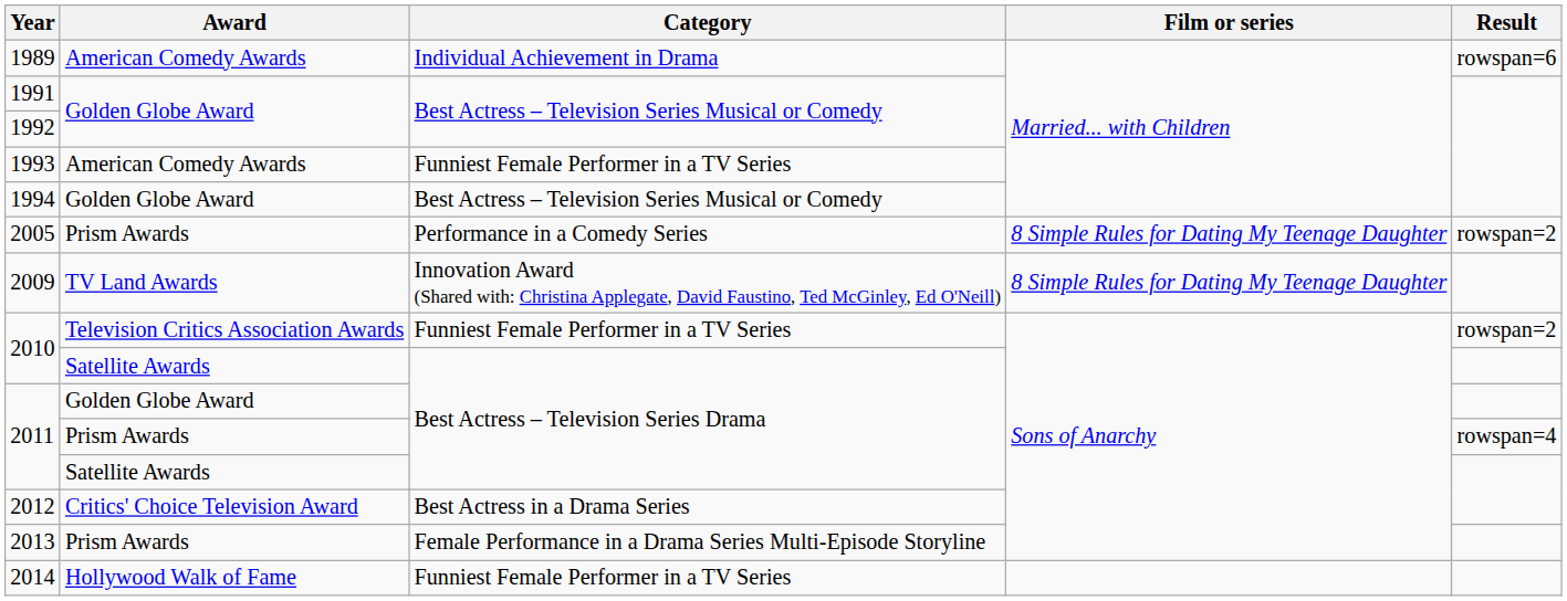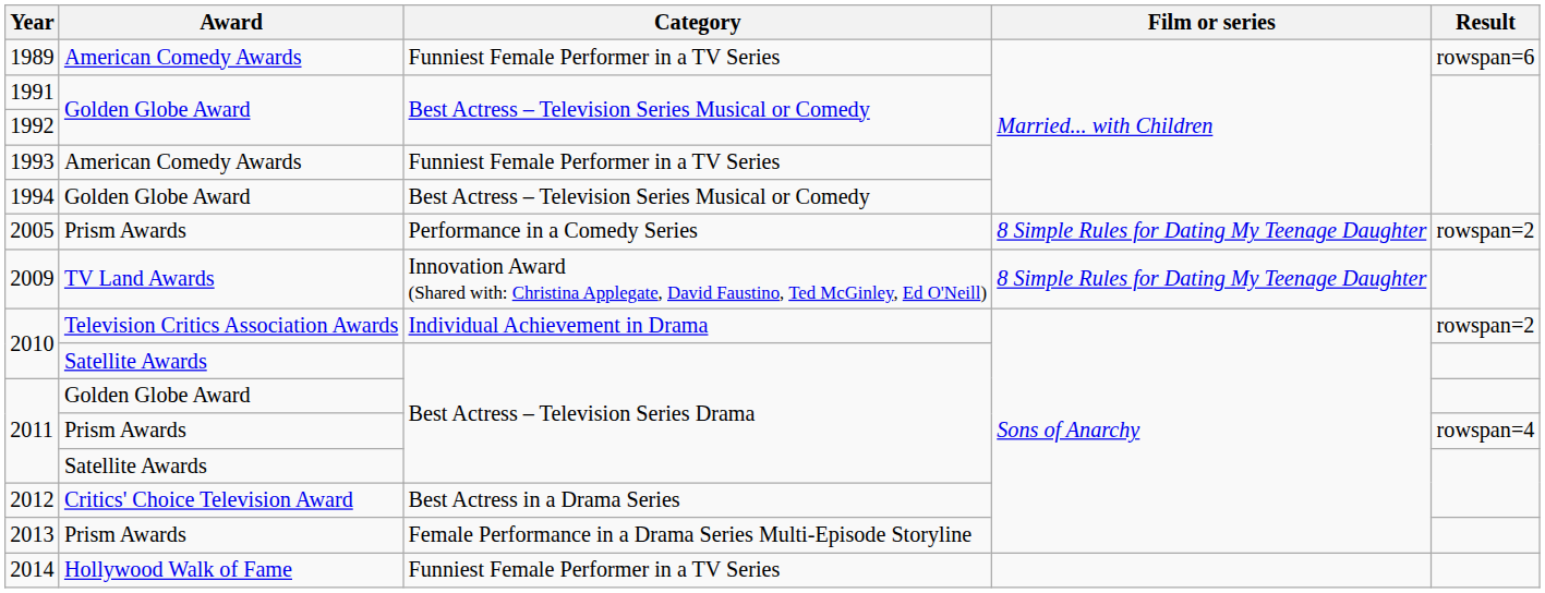 <table class="wikitable">
 <tr style="text-align:center;">
 <th>Year</th>
 <th>Award</th>
 <th>Category</th>
 <th>Film or series</th>
 <th>Result</th>
 </tr>
 <tr>
 <td>1989</td>
 <td><a href='#'>American Comedy Awards</a></td>
-<td><a href='#'>Individual Achievement in Drama</a></td>
+<td>Funniest Female Performer in a TV Series</td>
 <td rowspan=6><em><a href='#'>Married... with Children</a></em></td>
 <td>rowspan=6 </td>
 </tr>
 <tr>
 <td>1991</td>
 <td rowspan=3><a href='#'>Golden Globe Award</a></td>
 <td rowspan=3><a href='#'>Best Actress – Television Series Musical or Comedy</a></td>
 </tr>
 <tr>
 <td>1992</td>
 </tr>
 <tr>
 <td rowspan=2>1993</td>
 </tr>
 <tr>
 <td>American Comedy Awards</td>
 <td>Funniest Female Performer in a TV Series</td>
 </tr>
 <tr>
 <td>1994</td>
 <td>Golden Globe Award</td>
 <td>Best Actress – Television Series Musical or Comedy</td>
 </tr>
 <tr>
 <td>2005</td>
 <td>Prism Awards</td>
 <td>Performance in a Comedy Series</td>
 <td><em><a href='#'>8 Simple Rules for Dating My Teenage Daughter</a></em></td>
 <td>rowspan=2 </td>
 </tr>
 <tr>
 <td>2009</td>
 <td><a href='#'>TV Land Awards</a></td>
 <td>Innovation Award <br> <small>(Shared with: <a href='#'>Christina Applegate</a>, <a href='#'>David Faustino</a>, <a href='#'>Ted McGinley</a>, <a href='#'>Ed O'Neill</a>)</small></td>
 <td><em><a href='#'>8 Simple Rules for Dating My Teenage Daughter</a></em></td>
 </tr>
 <tr>
 <td rowspan=2>2010</td>
 <td><a href='#'>Television Critics Association Awards</a></td>
-<td>Funniest Female Performer in a TV Series</td>
+<td><a href='#'>Individual Achievement in Drama</a></td>
 <td rowspan=8><em><a href='#'>Sons of Anarchy</a></em></td>
 <td>rowspan=2 </td>
 </tr>
 <tr>
 <td><a href='#'>Satellite Awards</a></td>
 <td rowspan=4>Best Actress – Television Series Drama</td>
 </tr>
 <tr>
 <td rowspan=4>2011</td>
 <td>Golden Globe Award</td>
 <td></td>
 </tr>
 <tr>
 <td>Prism Awards</td>
 <td>rowspan=4 </td>
 </tr>
 <tr>
 <td>Satellite Awards</td>
 </tr>
 <tr>
 <td rowspan=2><a href='#'>Critics' Choice Television Award</a></td>
 <td rowspan=2>Best Actress in a Drama Series</td>
 </tr>
 <tr>
 <td>2012</td>
 </tr>
 <tr>
 <td>2013</td>
 <td>Prism Awards</td>
 <td>Female Performance in a Drama Series Multi-Episode Storyline</td>
 <td></td>
 </tr>
 <tr>
 <td>2014</td>
 <td><a href='#'>Hollywood Walk of Fame</a></td>
 <td>Funniest Female Performer in a TV Series</td>
 <td></td>
 <td></td>
 </tr>
 </table>
